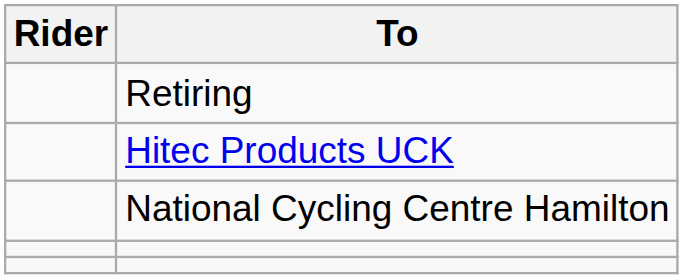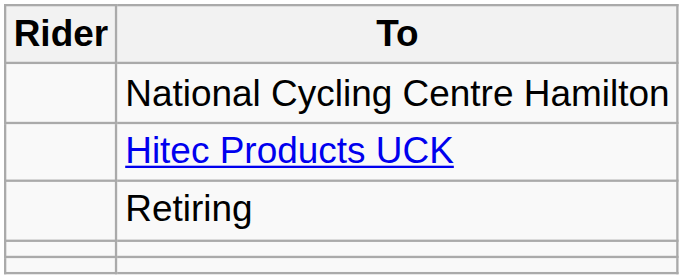 <table class="wikitable sortable">
 <tr>
 <th>Rider</th>
 <th>To</th>
 </tr>
 <tr>
 <td></td>
-<td>Retiring</td>
+<td>National Cycling Centre Hamilton</td>
 </tr>
 <tr>
 <td></td>
 <td><a href='#'>Hitec Products UCK</a></td>
 </tr>
 <tr>
 <td></td>
-<td>National Cycling Centre Hamilton</td>
+<td>Retiring</td>
 </tr>
 <tr>
 <td></td>
 <td></td>
 </tr>
 <tr>
 <td></td>
 <td></td>
 </tr>
 </table>
